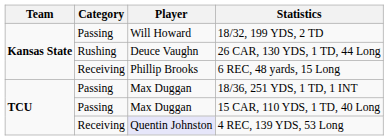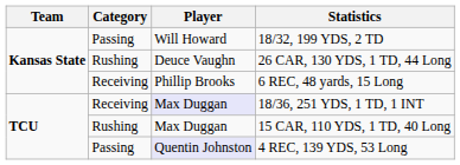 <table class="wikitable" style="float: right;">
 <tr>
 <th>Team</th>
 <th>Category</th>
 <th>Player</th>
 <th>Statistics</th>
 </tr>
 <tr>
 <td rowspan=3><strong>Kansas State</strong></td>
 <td>Passing</td>
 <td>Will Howard</td>
 <td>18/32, 199 YDS, 2 TD</td>
 </tr>
 <tr>
 <td>Rushing</td>
 <td>Deuce Vaughn</td>
 <td>26 CAR, 130 YDS, 1 TD, 44 Long</td>
 </tr>
 <tr>
 <td>Receiving</td>
 <td>Phillip Brooks</td>
 <td>6 REC, 48 yards, 15 Long</td>
 </tr>
 <tr>
 <td rowspan=3><strong>TCU</strong></td>
-<td>Passing</td>
-<td>Max Duggan</td>
+<td>Receiving</td>
+<td style="background: lavender;">Max Duggan</td>
 <td>18/36, 251 YDS, 1 TD, 1 INT</td>
 </tr>
 <tr>
-<td>Passing</td>
+<td>Rushing</td>
 <td>Max Duggan</td>
 <td>15 CAR, 110 YDS, 1 TD, 40 Long</td>
 </tr>
 <tr>
-<td>Receiving</td>
+<td>Passing</td>
 <td style="background: lavender;">Quentin Johnston</td>
 <td>4 REC, 139 YDS, 53 Long</td>
 </tr>
 </table>
